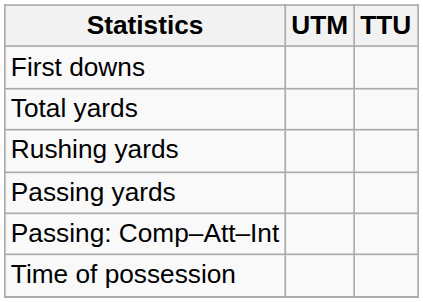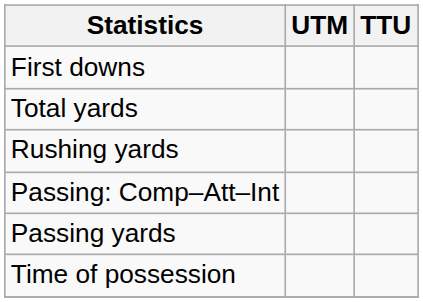 <table class="wikitable" style="float: left;">
 <tr>
 <th>Statistics</th>
 <th>UTM</th>
 <th>TTU</th>
 </tr>
 <tr>
 <td>First downs</td>
 <td></td>
 <td></td>
 </tr>
 <tr>
 <td>Total yards</td>
 <td></td>
 <td></td>
 </tr>
 <tr>
 <td>Rushing yards</td>
 <td></td>
 <td></td>
 </tr>
 <tr>
-<td>Passing yards</td>
+<td>Passing: Comp–Att–Int</td>
 <td></td>
 <td></td>
 </tr>
 <tr>
-<td>Passing: Comp–Att–Int</td>
+<td>Passing yards</td>
 <td></td>
 <td></td>
 </tr>
 <tr>
 <td>Time of possession</td>
 <td></td>
 <td></td>
 </tr>
 <tr>
 </tr>
 </table>
